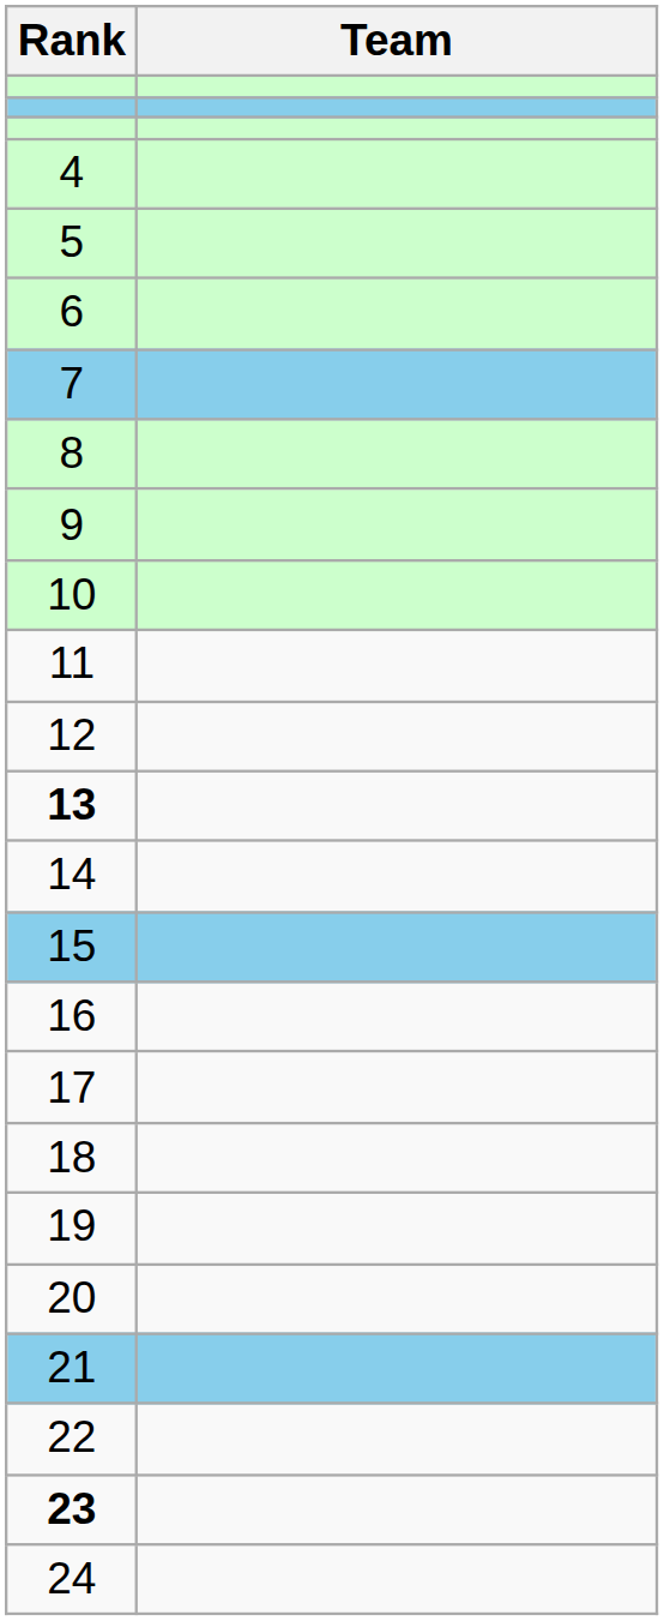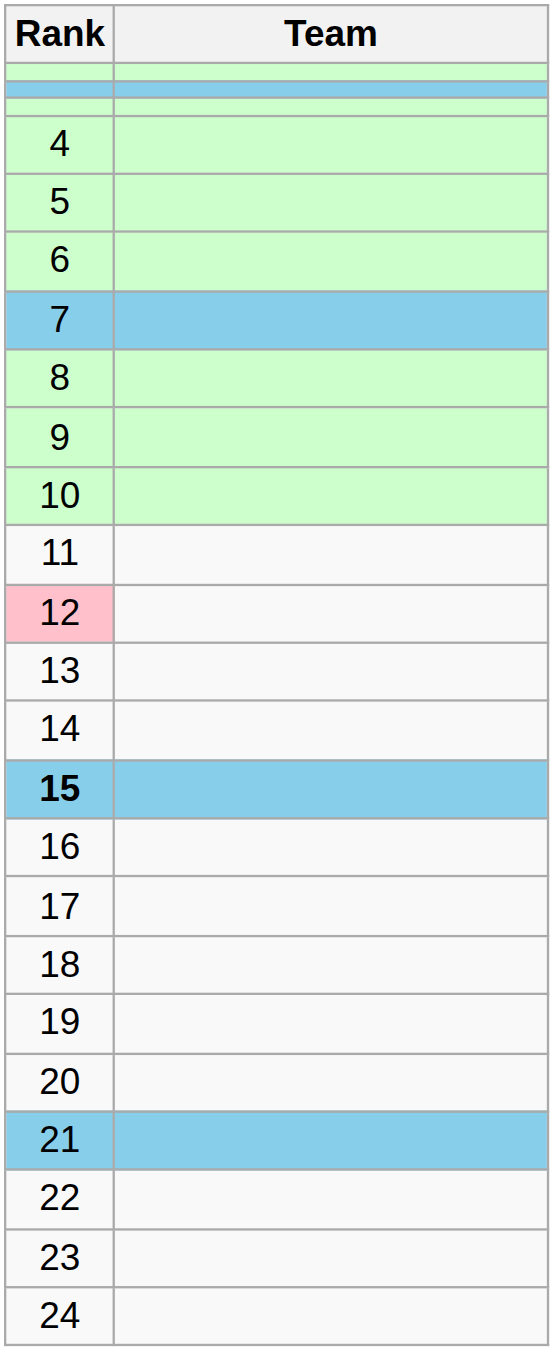 <table class="wikitable" style="text-align:center">
 <tr>
 <th width=40>Rank</th>
 <th width=180>Team</th>
 </tr>
 <tr bgcolor=#ccffcc>
 <td></td>
 <td style="text-align:left"></td>
 </tr>
 <tr bgcolor=#87ceeb>
 <td></td>
 <td style="text-align:left"></td>
 </tr>
 <tr bgcolor=#ccffcc>
 <td></td>
 <td style="text-align:left"></td>
 </tr>
 <tr bgcolor=#ccffcc>
 <td>4</td>
 <td style="text-align:left"></td>
 </tr>
 <tr bgcolor=#ccffcc>
 <td>5</td>
 <td style="text-align:left"></td>
 </tr>
 <tr bgcolor=#ccffcc>
 <td>6</td>
 <td style="text-align:left"></td>
 </tr>
 <tr bgcolor=#87ceeb>
 <td>7</td>
 <td style="text-align:left"></td>
 </tr>
 <tr bgcolor=#ccffcc>
 <td>8</td>
 <td style="text-align:left"></td>
 </tr>
 <tr bgcolor=#ccffcc>
 <td>9</td>
 <td style="text-align:left"></td>
 </tr>
 <tr bgcolor=#ccffcc>
 <td>10</td>
 <td style="text-align:left"></td>
 </tr>
 <tr>
 <td>11</td>
 <td style="text-align:left"></td>
 </tr>
 <tr>
-<td>12</td>
+<td style="background: pink;">12</td>
 <td style="text-align:left"></td>
 </tr>
 <tr>
-<td><strong>13</strong></td>
+<td>13</td>
 <td style="text-align:left"></td>
 </tr>
 <tr>
 <td>14</td>
 <td style="text-align:left"></td>
 </tr>
 <tr bgcolor=#87ceeb>
-<td>15</td>
+<td><strong>15</strong></td>
 <td style="text-align:left"></td>
 </tr>
 <tr>
 <td>16</td>
 <td style="text-align:left"></td>
 </tr>
 <tr>
 <td>17</td>
 <td style="text-align:left"></td>
 </tr>
 <tr>
 <td>18</td>
 <td style="text-align:left"></td>
 </tr>
 <tr>
 <td>19</td>
 <td style="text-align:left"></td>
 </tr>
 <tr>
 <td>20</td>
 <td style="text-align:left"></td>
 </tr>
 <tr bgcolor=#87ceeb>
 <td>21</td>
 <td style="text-align:left"></td>
 </tr>
 <tr>
 <td>22</td>
 <td style="text-align:left"></td>
 </tr>
 <tr>
-<td><strong>23</strong></td>
+<td>23</td>
 <td style="text-align:left"></td>
 </tr>
 <tr>
 <td>24</td>
 <td style="text-align:left"></td>
 </tr>
 </table>
